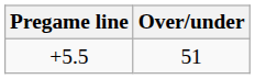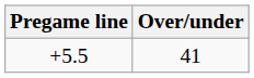 <table class="wikitable" style="margin-left: auto; margin-right: auto; border: none; display: inline-table;">
 <tr align="center">
 <th style=>Pregame line</th>
 <th style=>Over/under</th>
 </tr>
 <tr align="center">
 <td>+5.5</td>
-<td>51</td>
+<td>41</td>
 </tr>
 </table>
